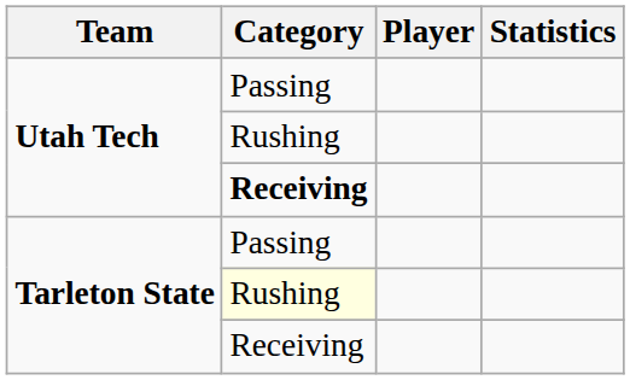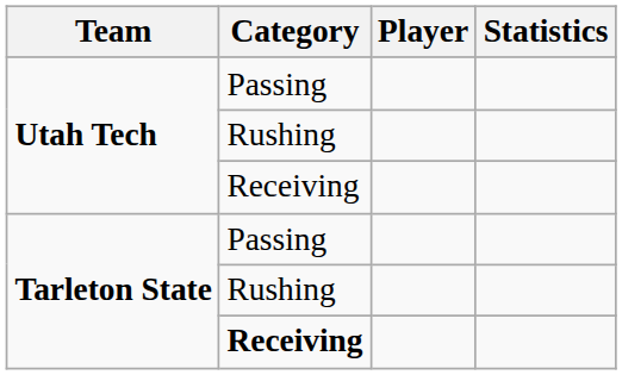 <table class="wikitable" style="float: right;">
 <tr>
 <th>Team</th>
 <th>Category</th>
 <th>Player</th>
 <th>Statistics</th>
 </tr>
 <tr>
 <td rowspan=3><strong>Utah Tech</strong></td>
 <td>Passing</td>
 <td></td>
 <td></td>
 </tr>
 <tr>
 <td>Rushing</td>
 <td></td>
 <td></td>
 </tr>
 <tr>
-<td><strong>Receiving</strong></td>
+<td>Receiving</td>
 <td></td>
 <td></td>
 </tr>
 <tr>
 <td rowspan=3><strong>Tarleton State</strong></td>
 <td>Passing</td>
 <td></td>
 <td></td>
 </tr>
 <tr>
-<td style="background: lightyellow;">Rushing</td>
+<td>Rushing</td>
 <td></td>
 <td></td>
 </tr>
 <tr>
-<td>Receiving</td>
+<td><strong>Receiving</strong></td>
 <td></td>
 <td></td>
 </tr>
 </table>
